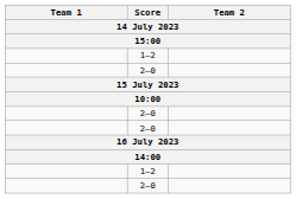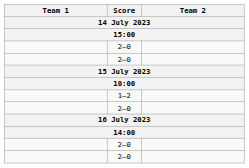 <table class="wikitable" style="text-align: center; font-size:90% ">
 <tr>
 <th align="right" width="160">Team 1</th>
 <th width="50">Score</th>
 <th align="left" width="160">Team 2</th>
 </tr>
 <tr>
 <th colspan=3>14 July 2023</th>
 </tr>
 <tr>
 <th colspan=3>15:00</th>
 </tr>
 <tr>
 <td align=right></td>
-<td align=center>1–2</td>
+<td align=center>2–0</td>
 <td align=left></td>
 </tr>
 <tr>
 <td align=right></td>
 <td align=center>2–0</td>
 <td align=left></td>
 </tr>
 <tr>
 <th colspan=3>15 July 2023</th>
 </tr>
 <tr>
 <th colspan=3>10:00</th>
 </tr>
 <tr>
 <td align=right></td>
-<td align=center>2–0</td>
+<td align=center>1–2</td>
 <td align=left></td>
 </tr>
 <tr>
 <td align=right></td>
 <td align=center>2–0</td>
 <td align=left></td>
 </tr>
 <tr>
 <th colspan=3>16 July 2023</th>
 </tr>
 <tr>
 <th colspan=3>14:00</th>
 </tr>
 <tr>
 <td align=right></td>
-<td align=center>1–2</td>
+<td align=center>2–0</td>
 <td align=left></td>
 </tr>
 <tr>
 <td align=right></td>
 <td align=center>2–0</td>
 <td align=left></td>
 </tr>
 </table>
